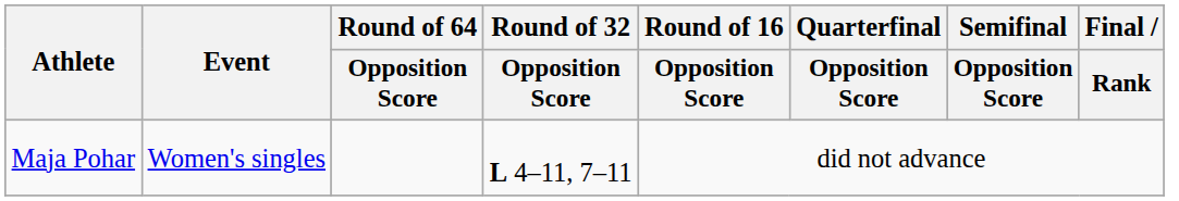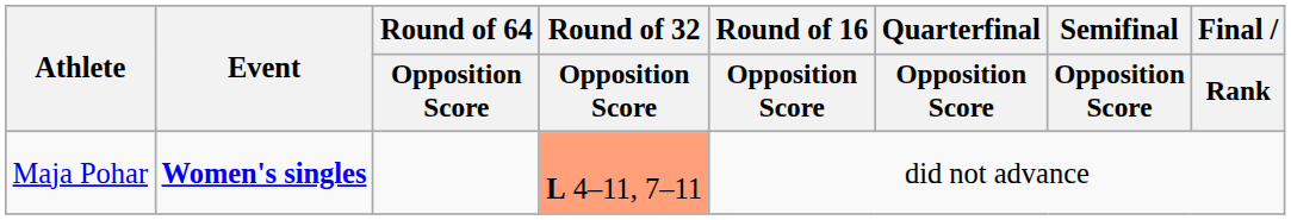 <table class=wikitable style="font-size:90%">
 <tr>
 <th rowspan="2">Athlete</th>
 <th rowspan="2">Event</th>
 <th>Round of 64</th>
 <th>Round of 32</th>
 <th>Round of 16</th>
 <th>Quarterfinal</th>
 <th>Semifinal</th>
 <th colspan=2>Final / </th>
 </tr>
 <tr style="font-size:95%">
 <th>Opposition<br>Score</th>
 <th>Opposition<br>Score</th>
 <th>Opposition<br>Score</th>
 <th>Opposition<br>Score</th>
 <th>Opposition<br>Score</th>
 <th>Rank</th>
 </tr>
 <tr align=center>
 <td align=left><a href='#'>Maja Pohar</a></td>
-<td align=left><a href='#'>Women's singles</a></td>
+<td align=left><strong><a href='#'>Women's singles</a></strong></td>
 <td></td>
-<td><br><strong>L</strong> 4–11, 7–11</td>
+<td style="background: lightsalmon;"><br><strong>L</strong> 4–11, 7–11</td>
 <td colspan=4>did not advance</td>
 </tr>
 </table>
